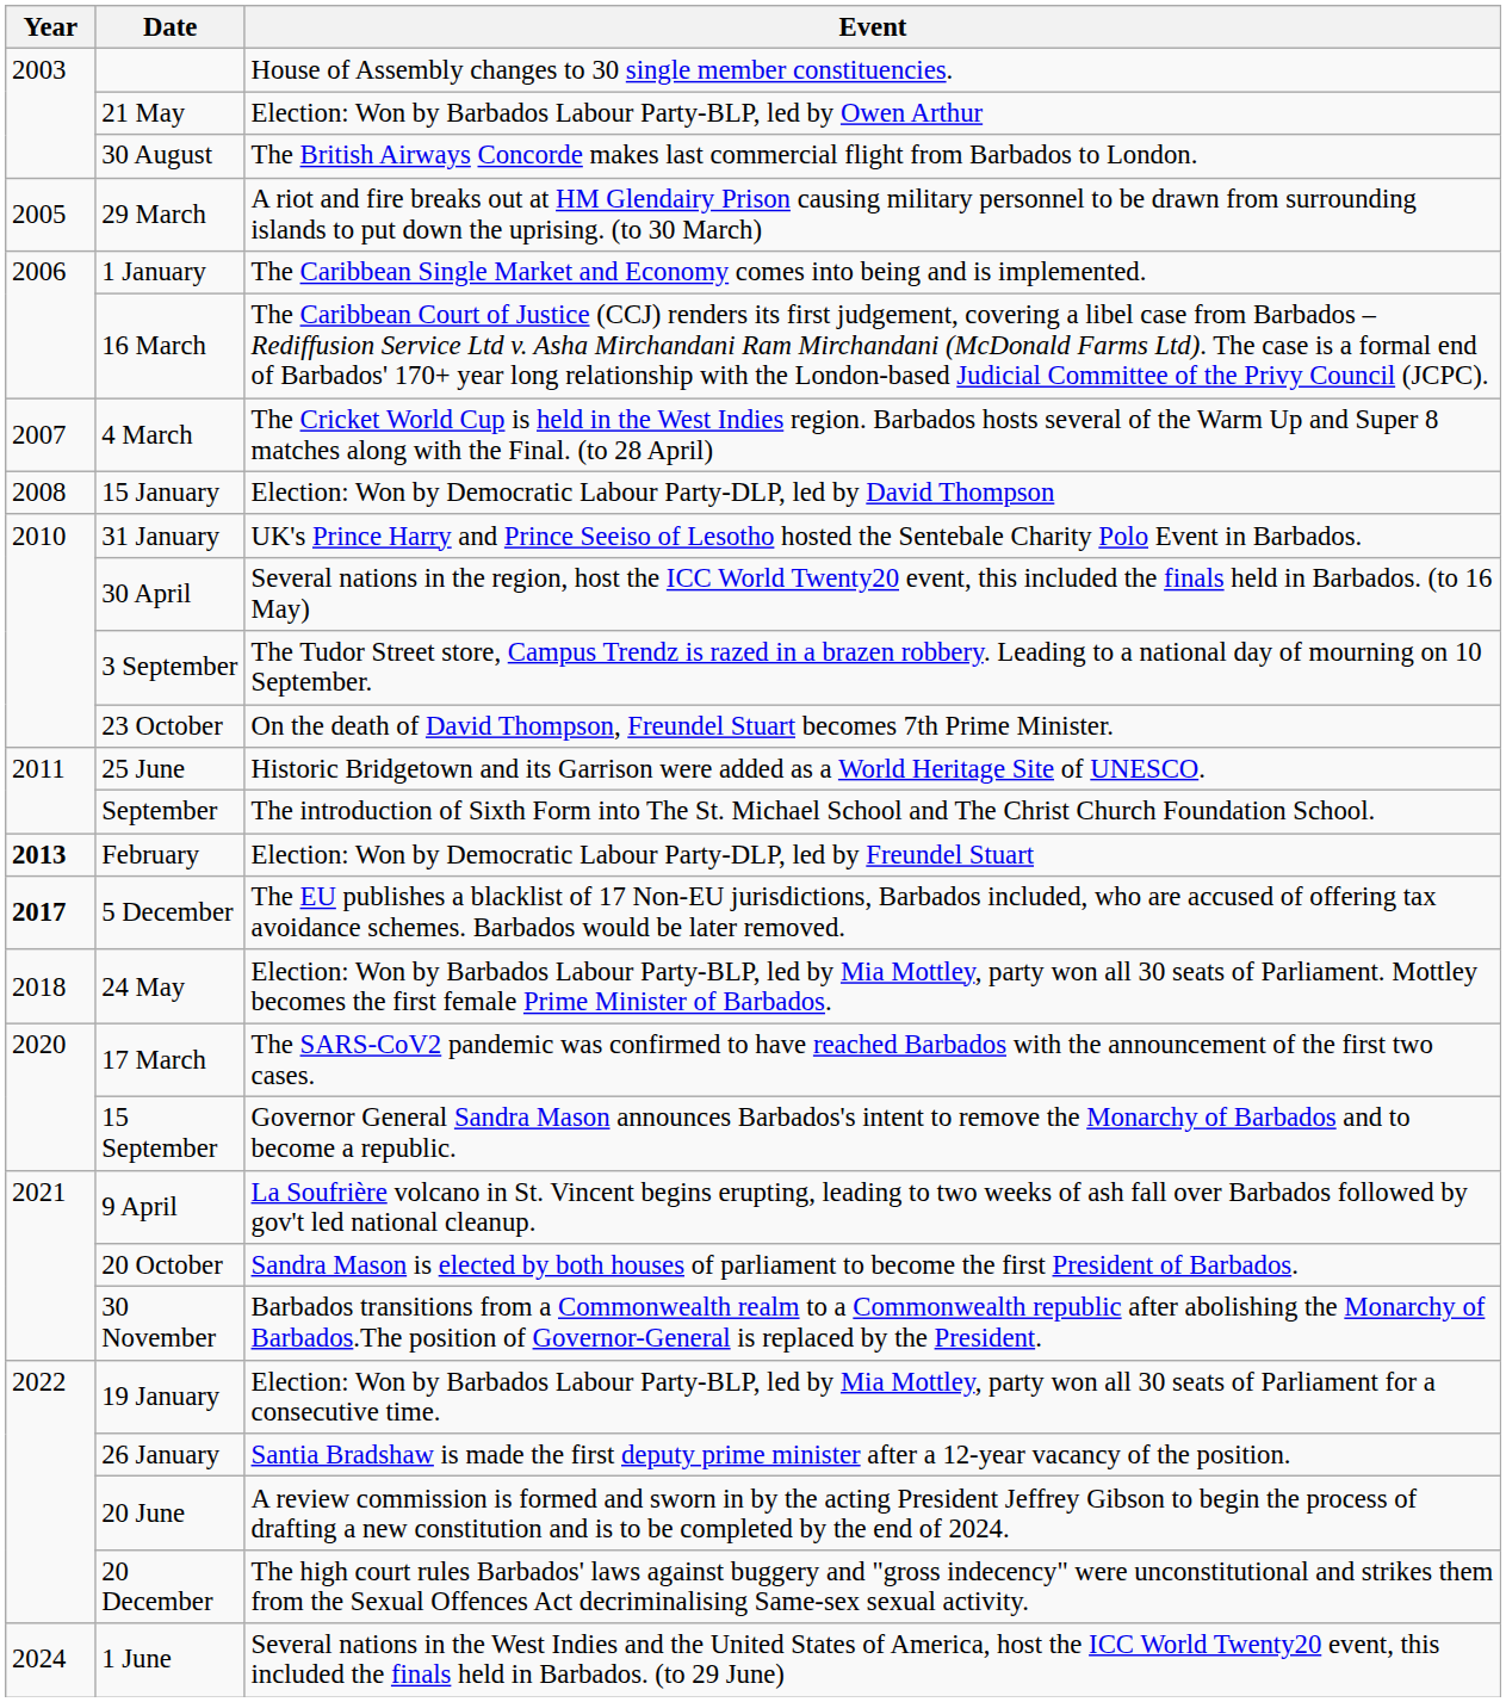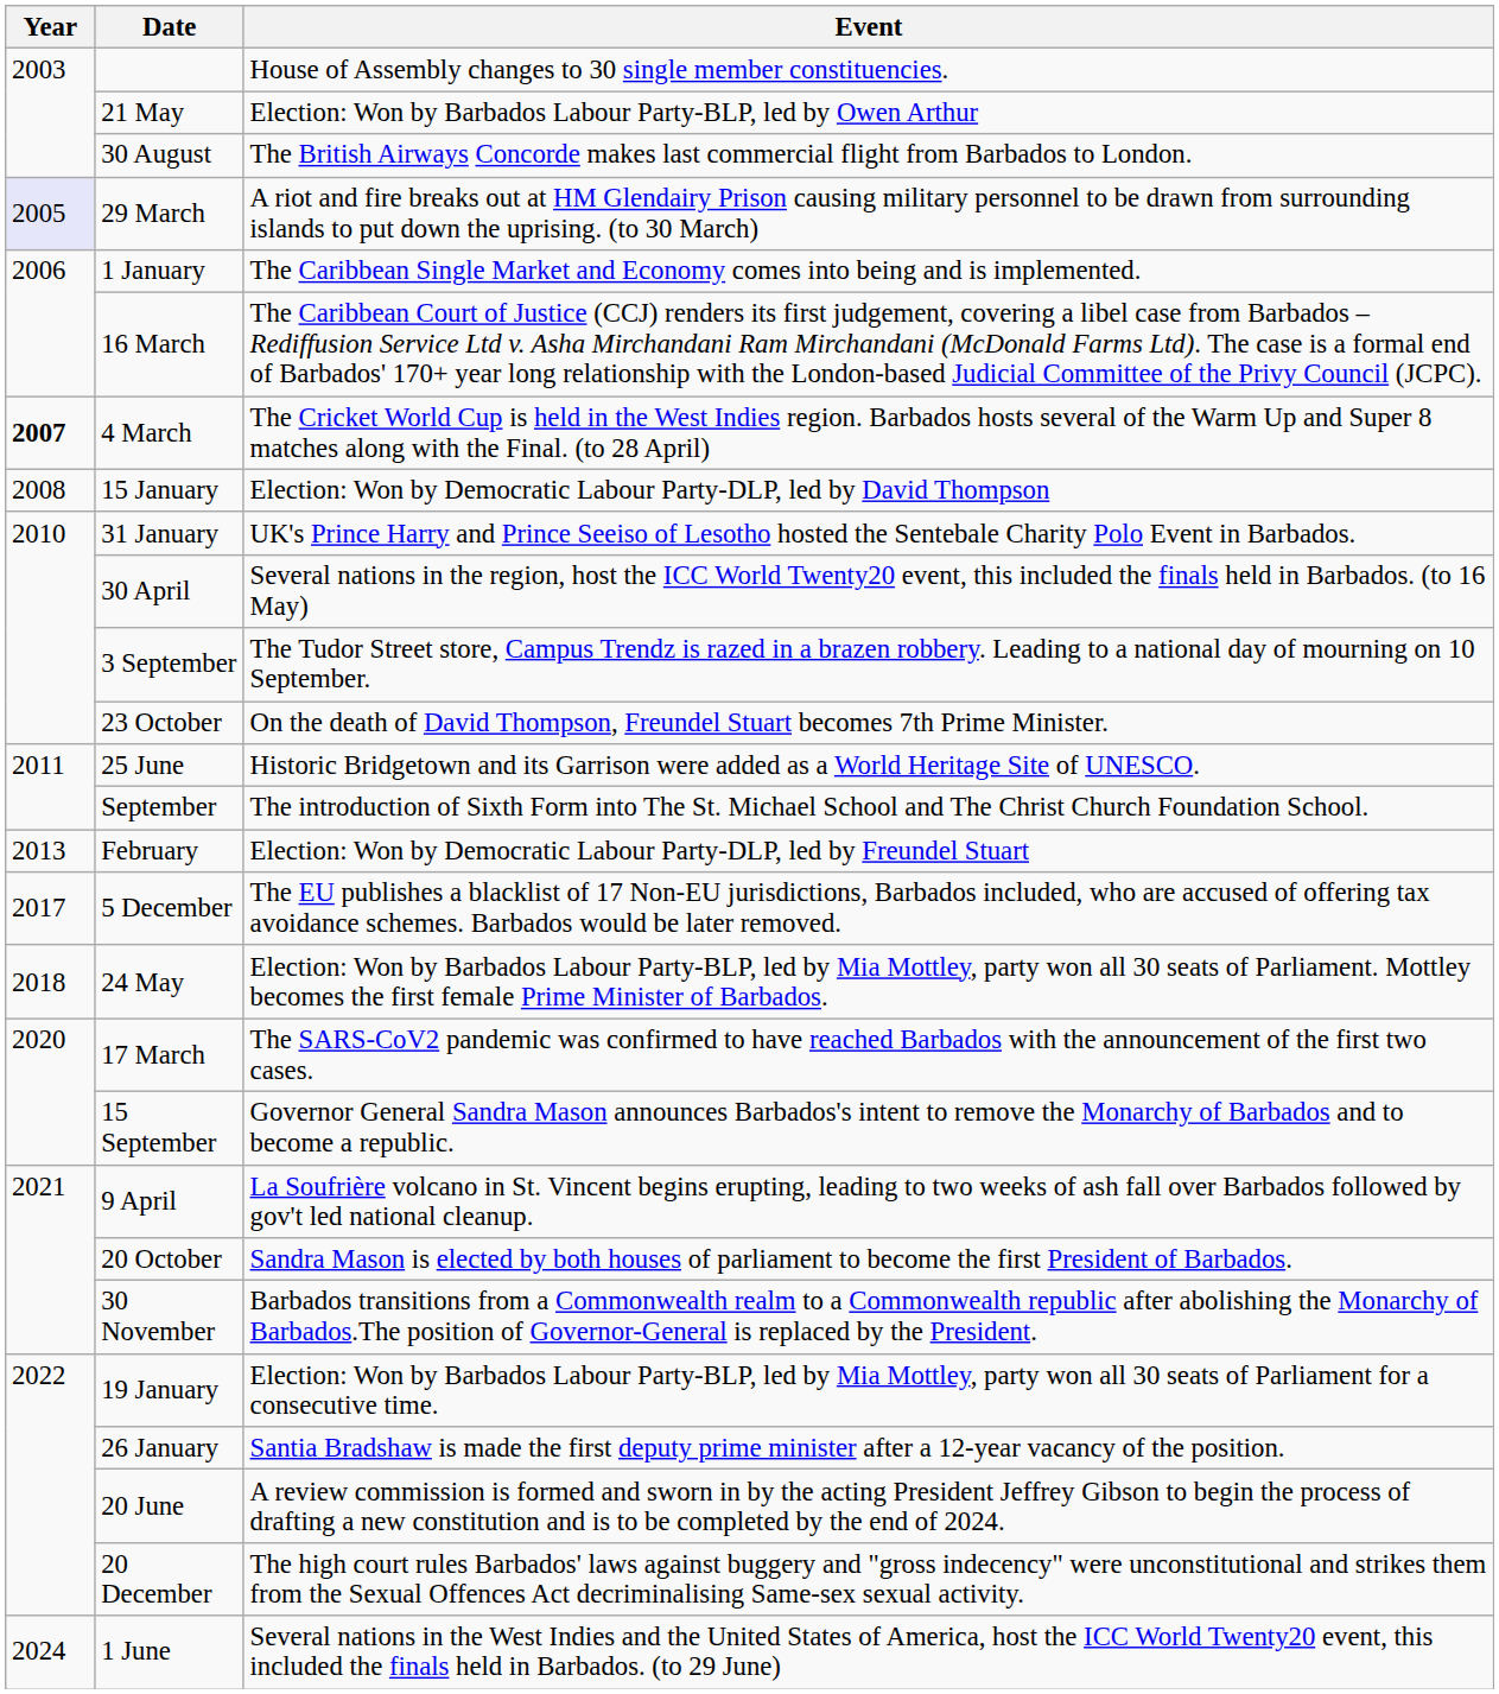 <table class="wikitable" width="100%">
 <tr>
 <th style="width:6%">Year</th>
 <th style="width:10%">Date</th>
 <th>Event</th>
 </tr>
 <tr>
 <td rowspan="3" valign="top">2003</td>
 <td></td>
 <td>House of Assembly changes to 30 <a href='#'>single member constituencies</a>.</td>
 </tr>
 <tr>
 <td>21 May</td>
 <td>Election: Won by Barbados Labour Party-BLP, led by <a href='#'>Owen Arthur</a></td>
 </tr>
 <tr>
 <td>30 August</td>
 <td>The <a href='#'>British Airways</a> <a href='#'>Concorde</a> makes last commercial flight from Barbados to London.</td>
 </tr>
 <tr>
-<td>2005</td>
+<td style="background: lavender;">2005</td>
 <td>29 March</td>
 <td>A riot and fire breaks out at <a href='#'>HM Glendairy Prison</a> causing military personnel to be drawn from surrounding islands to put down the uprising. (to 30 March)</td>
 </tr>
 <tr>
 <td rowspan="2" valign="top">2006</td>
 <td>1 January</td>
 <td>The <a href='#'>Caribbean Single Market and Economy</a> comes into being and is implemented.</td>
 </tr>
 <tr>
 <td>16 March</td>
 <td>The <a href='#'>Caribbean Court of Justice</a> (CCJ) renders its first judgement, covering a libel case from Barbados – <em>Rediffusion Service Ltd v. Asha Mirchandani Ram Mirchandani (McDonald Farms Ltd)</em>. The case is a formal end of Barbados' 170+ year long relationship with the London-based <a href='#'>Judicial Committee of the Privy Council</a> (JCPC).</td>
 </tr>
 <tr>
-<td>2007</td>
+<td><strong>2007</strong></td>
 <td>4 March</td>
 <td>The <a href='#'>Cricket World Cup</a> is <a href='#'>held in the West Indies</a> region. Barbados hosts several of the Warm Up and Super 8 matches along with the Final. (to 28 April)</td>
 </tr>
 <tr>
 <td>2008</td>
 <td>15 January</td>
 <td>Election: Won by Democratic Labour Party-DLP, led by <a href='#'>David Thompson</a></td>
 </tr>
 <tr>
 <td rowspan="4" valign="top">2010</td>
 <td>31 January</td>
 <td>UK's <a href='#'>Prince Harry</a> and <a href='#'>Prince Seeiso of Lesotho</a> hosted the Sentebale Charity <a href='#'>Polo</a> Event in Barbados.</td>
 </tr>
 <tr>
 <td>30 April</td>
 <td>Several nations in the region, host the <a href='#'>ICC World Twenty20</a> event, this included the <a href='#'>finals</a> held in Barbados. (to 16 May)</td>
 </tr>
 <tr>
 <td>3 September</td>
 <td>The Tudor Street store, <a href='#'>Campus Trendz is razed in a brazen robbery</a>.  Leading to a national day of mourning on 10 September.</td>
 </tr>
 <tr>
 <td>23 October</td>
 <td>On the death of <a href='#'>David Thompson</a>, <a href='#'>Freundel Stuart</a> becomes 7th Prime Minister.</td>
 </tr>
 <tr>
 <td rowspan="2" valign="top">2011</td>
 <td>25 June</td>
 <td>Historic Bridgetown and its Garrison were added as a <a href='#'>World Heritage Site</a> of <a href='#'>UNESCO</a>.</td>
 </tr>
 <tr>
 <td>September</td>
 <td>The introduction of Sixth Form into The St. Michael School and The Christ Church Foundation School.</td>
 </tr>
 <tr>
-<td><strong>2013</strong></td>
+<td>2013</td>
 <td>February</td>
 <td>Election: Won by Democratic Labour Party-DLP, led by <a href='#'>Freundel Stuart</a></td>
 </tr>
 <tr>
-<td><strong>2017</strong></td>
+<td>2017</td>
 <td>5 December</td>
 <td>The <a href='#'>EU</a> publishes a blacklist of 17 Non-EU jurisdictions, Barbados included, who are accused of offering tax avoidance schemes. Barbados would be later removed.</td>
 </tr>
 <tr>
 <td>2018</td>
 <td>24 May</td>
 <td>Election: Won by Barbados Labour Party-BLP, led by <a href='#'>Mia Mottley</a>, party won all 30 seats of Parliament. Mottley becomes the first female <a href='#'>Prime Minister of Barbados</a>.</td>
 </tr>
 <tr>
 <td rowspan="2" valign="top">2020</td>
 <td>17 March</td>
 <td>The <a href='#'>SARS-CoV2</a> pandemic was confirmed to have <a href='#'>reached Barbados</a> with the announcement of the first two cases.</td>
 </tr>
 <tr>
 <td>15 September</td>
 <td>Governor General <a href='#'>Sandra Mason</a> announces Barbados's intent to remove the <a href='#'>Monarchy of Barbados</a> and to become a republic.</td>
 </tr>
 <tr>
 <td rowspan="3" valign="top">2021</td>
 <td>9 April</td>
 <td><a href='#'>La Soufrière</a> volcano in St. Vincent begins erupting, leading to two weeks of ash fall over Barbados followed by gov't led national cleanup.</td>
 </tr>
 <tr>
 <td>20 October</td>
 <td><a href='#'>Sandra Mason</a> is <a href='#'>elected by both houses</a> of parliament to become the first <a href='#'>President of Barbados</a>.</td>
 </tr>
 <tr>
 <td>30 November</td>
 <td>Barbados transitions from a <a href='#'>Commonwealth realm</a> to a <a href='#'>Commonwealth republic</a> after abolishing the <a href='#'>Monarchy of Barbados</a>.The position of <a href='#'>Governor-General</a> is replaced by the <a href='#'>President</a>.</td>
 </tr>
 <tr>
 <td rowspan="4" valign="top">2022</td>
 <td>19 January</td>
 <td>Election: Won by Barbados Labour Party-BLP, led by <a href='#'>Mia Mottley</a>, party won all 30 seats of Parliament for a consecutive time.</td>
 </tr>
 <tr>
 <td>26 January</td>
 <td><a href='#'>Santia Bradshaw</a> is made the first <a href='#'>deputy prime minister</a> after a 12-year vacancy of the position.</td>
 </tr>
 <tr>
 <td>20 June</td>
 <td>A review commission is formed and sworn in by the acting President Jeffrey Gibson to begin the process of drafting a new constitution and is to be completed by the end of 2024.</td>
 </tr>
 <tr>
 <td>20 December</td>
 <td>The high court rules Barbados' laws against buggery and "gross indecency" were unconstitutional and strikes them from the Sexual Offences Act decriminalising Same-sex sexual activity.</td>
 </tr>
 <tr>
 <td>2024</td>
 <td>1 June</td>
 <td>Several nations in the West Indies and the United States of America, host the <a href='#'>ICC World Twenty20</a> event, this included the <a href='#'>finals</a> held in Barbados. (to 29 June)</td>
 </tr>
 </table>
